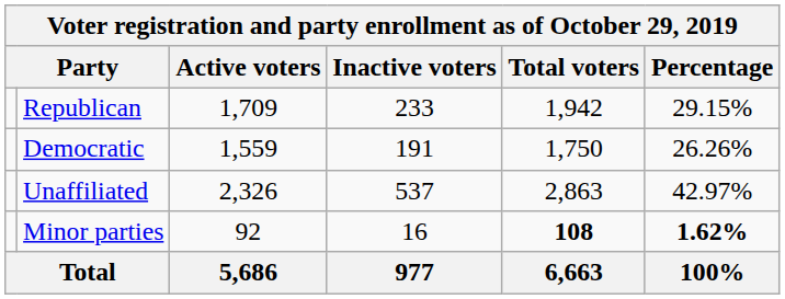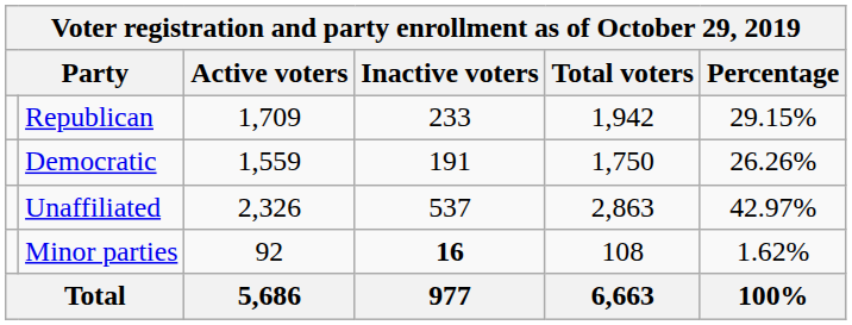 <table class=wikitable>
 <tr>
 <th colspan = 6>Voter registration and party enrollment as of October 29, 2019</th>
 </tr>
 <tr>
 <th colspan = 2>Party</th>
 <th>Active voters</th>
 <th>Inactive voters</th>
 <th>Total voters</th>
 <th>Percentage</th>
 </tr>
 <tr>
 <td></td>
 <td><a href='#'>Republican</a></td>
 <td align = center>1,709</td>
 <td align = center>233</td>
 <td align = center>1,942</td>
 <td align = center>29.15%</td>
 </tr>
 <tr>
 <td></td>
 <td><a href='#'>Democratic</a></td>
 <td align = center>1,559</td>
 <td align = center>191</td>
 <td align = center>1,750</td>
 <td align = center>26.26%</td>
 </tr>
 <tr>
 <td></td>
 <td><a href='#'>Unaffiliated</a></td>
 <td align = center>2,326</td>
 <td align = center>537</td>
 <td align = center>2,863</td>
 <td align = center>42.97%</td>
 </tr>
 <tr>
 <td></td>
 <td><a href='#'>Minor parties</a></td>
 <td align = center>92</td>
-<td align = center>16</td>
-<td align = center><strong>108</strong></td>
-<td align = center><strong>1.62%</strong></td>
+<td align = center><strong>16</strong></td>
+<td align = center>108</td>
+<td align = center>1.62%</td>
 </tr>
 <tr>
 <th colspan = 2>Total</th>
 <th align = center>5,686</th>
 <th align = center>977</th>
 <th align = center>6,663</th>
 <th align = center>100%</th>
 </tr>
 </table>
